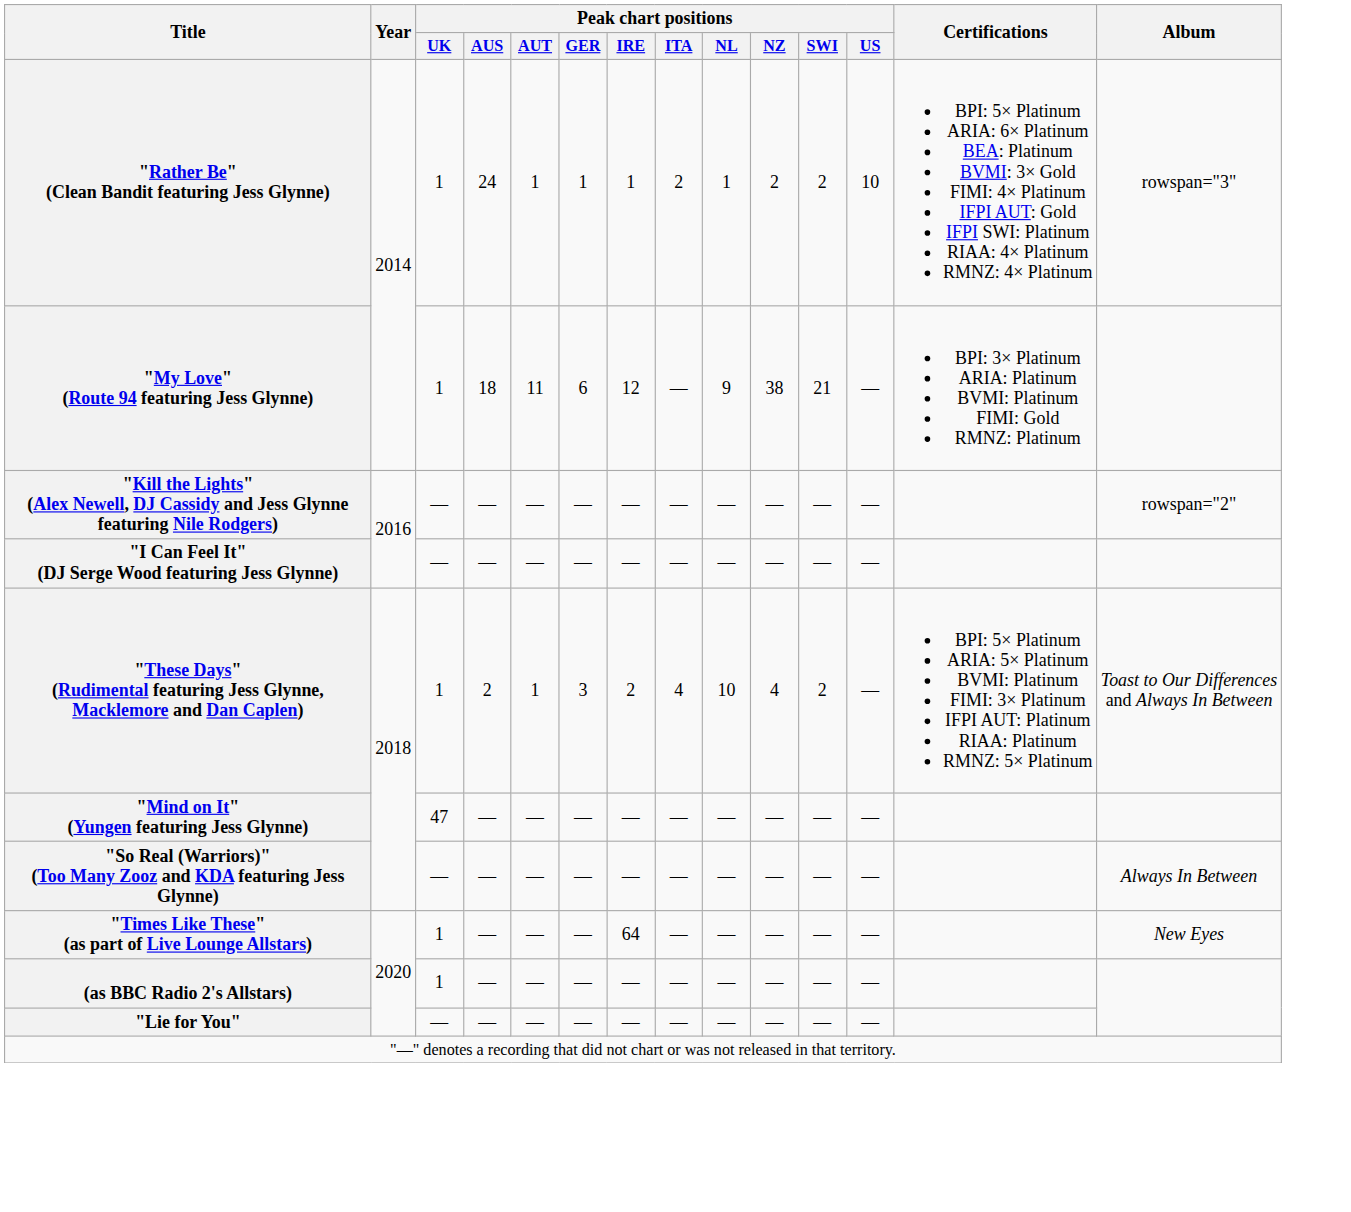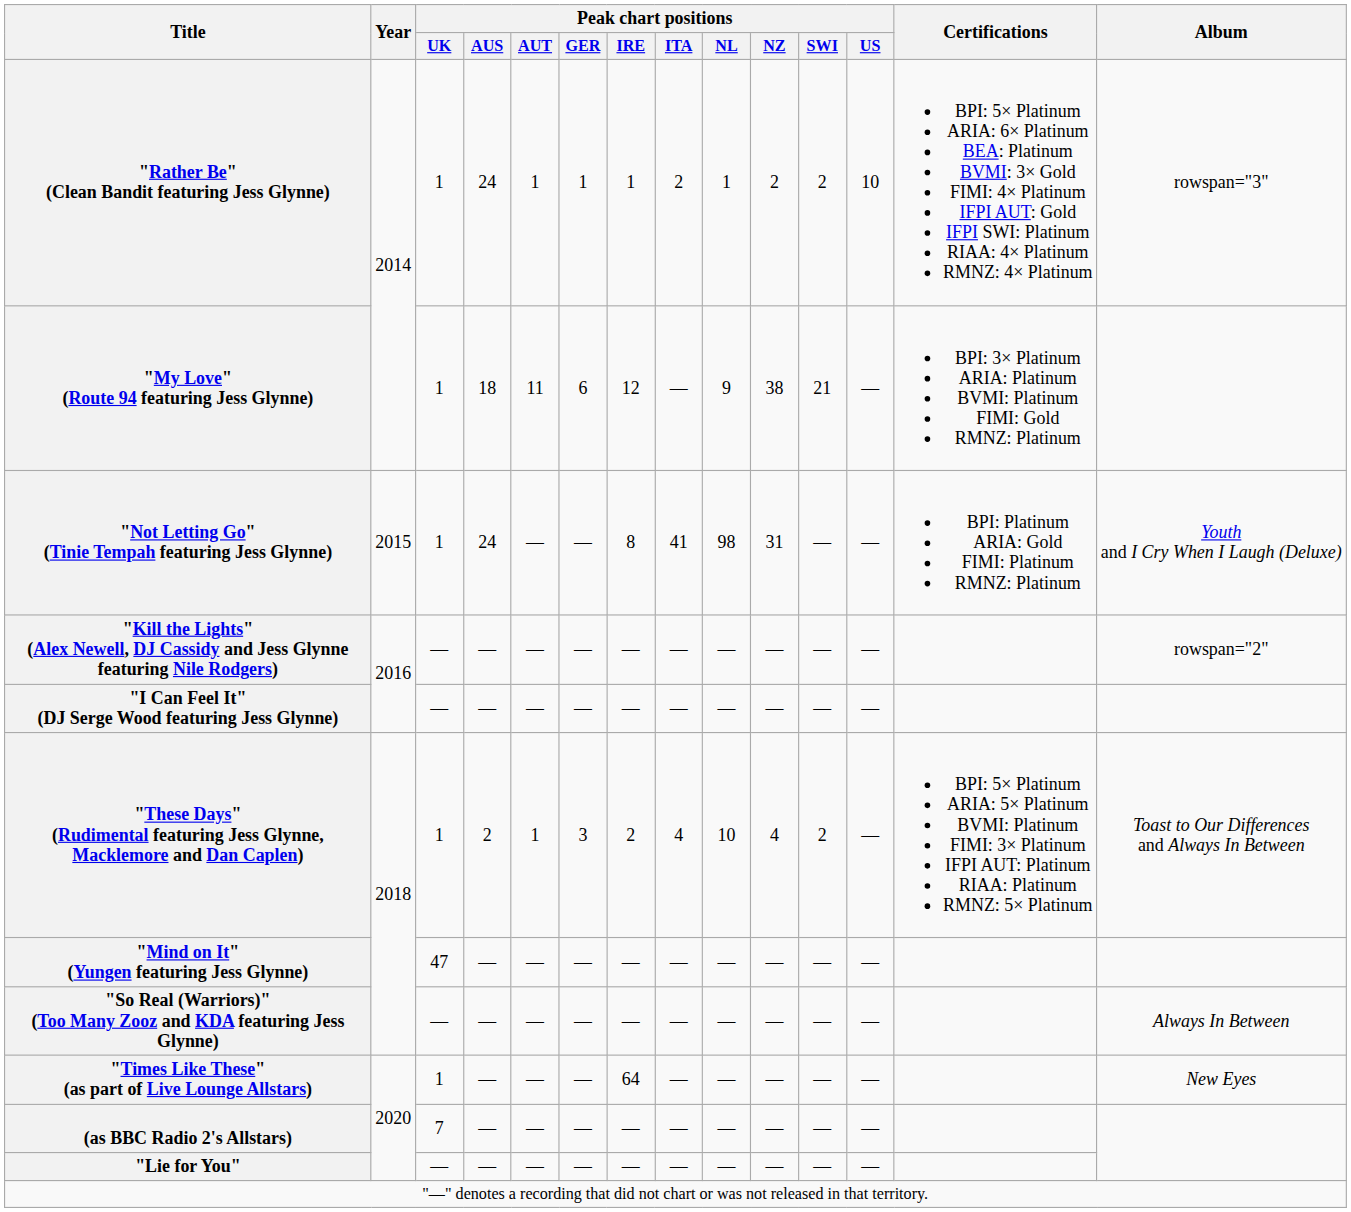 <table class="wikitable plainrowheaders" style="text-align:center;">
 <tr>
 <th scope="col" rowspan="2" style="width:20em;">Title</th>
 <th scope="col" rowspan="2" style="width:1em;">Year</th>
 <th scope="col" colspan="10">Peak chart positions</th>
 <th scope="col" rowspan="2">Certifications</th>
 <th scope="col" rowspan="2">Album</th>
 </tr>
 <tr>
 <th scope="col" style="width:2.5em;font-size:90%;"><a href='#'>UK</a><br></th>
 <th scope="col" style="width:2.5em;font-size:90%;"><a href='#'>AUS</a><br></th>
 <th scope="col" style="width:2.5em;font-size:90%;"><a href='#'>AUT</a><br></th>
 <th scope="col" style="width:2.5em;font-size:90%;"><a href='#'>GER</a><br></th>
 <th scope="col" style="width:2.5em;font-size:90%;"><a href='#'>IRE</a><br></th>
 <th scope="col" style="width:2.5em;font-size:90%;"><a href='#'>ITA</a><br></th>
 <th scope="col" style="width:2.5em;font-size:90%;"><a href='#'>NL</a><br></th>
 <th scope="col" style="width:2.5em;font-size:90%;"><a href='#'>NZ</a><br></th>
 <th scope="col" style="width:2.5em;font-size:90%;"><a href='#'>SWI</a><br></th>
 <th scope="col" style="width:2.5em;font-size:90%;"><a href='#'>US</a><br></th>
 </tr>
 <tr>
 <th scope="row">"<a href='#'>Rather Be</a>" <br><span>(Clean Bandit featuring Jess Glynne)</span></th>
 <td rowspan="2">2014</td>
 <td>1</td>
 <td>24</td>
 <td>1</td>
 <td>1</td>
 <td>1</td>
 <td>2</td>
 <td>1</td>
 <td>2</td>
 <td>2</td>
 <td>10</td>
 <td><br><ul><li>BPI: 5× Platinum</li><li>ARIA: 6× Platinum</li><li><a href='#'>BEA</a>: Platinum</li><li><a href='#'>BVMI</a>: 3× Gold</li><li>FIMI: 4× Platinum</li><li><a href='#'>IFPI AUT</a>: Gold</li><li><a href='#'>IFPI</a> SWI: Platinum</li><li>RIAA: 4× Platinum</li><li>RMNZ: 4× Platinum</li></ul></td>
 <td>rowspan="3" </td>
 </tr>
 <tr>
 <th scope="row">"<a href='#'>My Love</a>"  <br><span>(<a href='#'>Route 94</a> featuring Jess Glynne)</span></th>
 <td>1</td>
 <td>18</td>
 <td>11</td>
 <td>6</td>
 <td>12</td>
 <td>—</td>
 <td>9</td>
 <td>38</td>
 <td>21</td>
 <td>—</td>
 <td><br><ul><li>BPI: 3× Platinum</li><li>ARIA: Platinum</li><li>BVMI: Platinum</li><li>FIMI: Gold</li><li>RMNZ: Platinum</li></ul></td>
 <td></td>
+</tr>
+<tr>
+<th scope="row">"<a href='#'>Not Letting Go</a>" <br><span>(<a href='#'>Tinie Tempah</a> featuring Jess Glynne)</span></th>
+<td>2015</td>
+<td>1</td>
+<td>24</td>
+<td>—</td>
+<td>—</td>
+<td>8</td>
+<td>41</td>
+<td>98</td>
+<td>31</td>
+<td>—</td>
+<td>—</td>
+<td><br><ul><li>BPI: Platinum</li><li>ARIA: Gold</li><li>FIMI: Platinum</li><li>RMNZ: Platinum</li></ul></td>
+<td><em><a href='#'>Youth</a></em><br>and <em>I Cry When I Laugh (Deluxe)</em></td>
 </tr>
 <tr>
 <th scope="row">"<a href='#'>Kill the Lights</a>" <br><span>(<a href='#'>Alex Newell</a>, <a href='#'>DJ Cassidy</a> and Jess Glynne featuring <a href='#'>Nile Rodgers</a>)</span></th>
 <td rowspan="2">2016</td>
 <td>—</td>
 <td>—</td>
 <td>—</td>
 <td>—</td>
 <td>—</td>
 <td>—</td>
 <td>—</td>
 <td>—</td>
 <td>—</td>
 <td>—</td>
 <td></td>
 <td>rowspan="2" </td>
 </tr>
 <tr>
 <th scope="row">"I Can Feel It" <br><span>(DJ Serge Wood featuring Jess Glynne)</span></th>
 <td>—</td>
 <td>—</td>
 <td>—</td>
 <td>—</td>
 <td>—</td>
 <td>—</td>
 <td>—</td>
 <td>—</td>
 <td>—</td>
 <td>—</td>
 <td></td>
 </tr>
 <tr>
 <th scope="row">"<a href='#'>These Days</a>"<br><span>(<a href='#'>Rudimental</a> featuring Jess Glynne, <a href='#'>Macklemore</a> and <a href='#'>Dan Caplen</a>)</span></th>
 <td rowspan="3">2018</td>
 <td>1</td>
 <td>2</td>
 <td>1</td>
 <td>3</td>
 <td>2</td>
 <td>4</td>
 <td>10</td>
 <td>4</td>
 <td>2</td>
 <td>—</td>
 <td><br><ul><li>BPI: 5× Platinum</li><li>ARIA: 5× Platinum</li><li>BVMI: Platinum</li><li>FIMI: 3× Platinum</li><li>IFPI AUT: Platinum</li><li>RIAA: Platinum</li><li>RMNZ: 5× Platinum</li></ul></td>
 <td><em>Toast to Our Differences</em><br>and <em>Always In Between</em></td>
 </tr>
 <tr>
 <th scope="row">"<a href='#'>Mind on It</a>"<br><span>(<a href='#'>Yungen</a> featuring Jess Glynne)</span></th>
 <td>47</td>
 <td>—</td>
 <td>—</td>
 <td>—</td>
 <td>—</td>
 <td>—</td>
 <td>—</td>
 <td>—</td>
 <td>—</td>
 <td>—</td>
 <td></td>
 <td></td>
 </tr>
 <tr>
 <th scope="row">"So Real (Warriors)"<br><span>(<a href='#'>Too Many Zooz</a> and <a href='#'>KDA</a> featuring Jess Glynne)</span></th>
 <td>—</td>
 <td>—</td>
 <td>—</td>
 <td>—</td>
 <td>—</td>
 <td>—</td>
 <td>—</td>
 <td>—</td>
 <td>—</td>
 <td>—</td>
 <td></td>
 <td><em>Always In Between</em></td>
 </tr>
 <tr>
 <th scope="row">"<a href='#'>Times Like These</a>"<br><span>(as part of <a href='#'>Live Lounge Allstars</a>)</span></th>
 <td rowspan="3">2020</td>
 <td>1</td>
 <td>—</td>
 <td>—</td>
 <td>—</td>
 <td>64</td>
 <td>—</td>
 <td>—</td>
 <td>—</td>
 <td>—</td>
 <td>—</td>
 <td></td>
 <td><em>New Eyes</em></td>
 </tr>
 <tr>
 <th scope="row"><br><span>(as BBC Radio 2's Allstars)</span></th>
-<td>1</td>
+<td>7</td>
 <td>—</td>
 <td>—</td>
 <td>—</td>
 <td>—</td>
 <td>—</td>
 <td>—</td>
 <td>—</td>
 <td>—</td>
 <td>—</td>
 <td></td>
 </tr>
 <tr>
 <th scope="row">"Lie for You" <br></th>
 <td>—</td>
 <td>—</td>
 <td>—</td>
 <td>—</td>
 <td>—</td>
 <td>—</td>
 <td>—</td>
 <td>—</td>
 <td>—</td>
 <td>—</td>
 <td></td>
 </tr>
 <tr>
 <td colspan="14" style="font-size:90%">"—" denotes a recording that did not chart or was not released in that territory.</td>
 </tr>
 </table>
